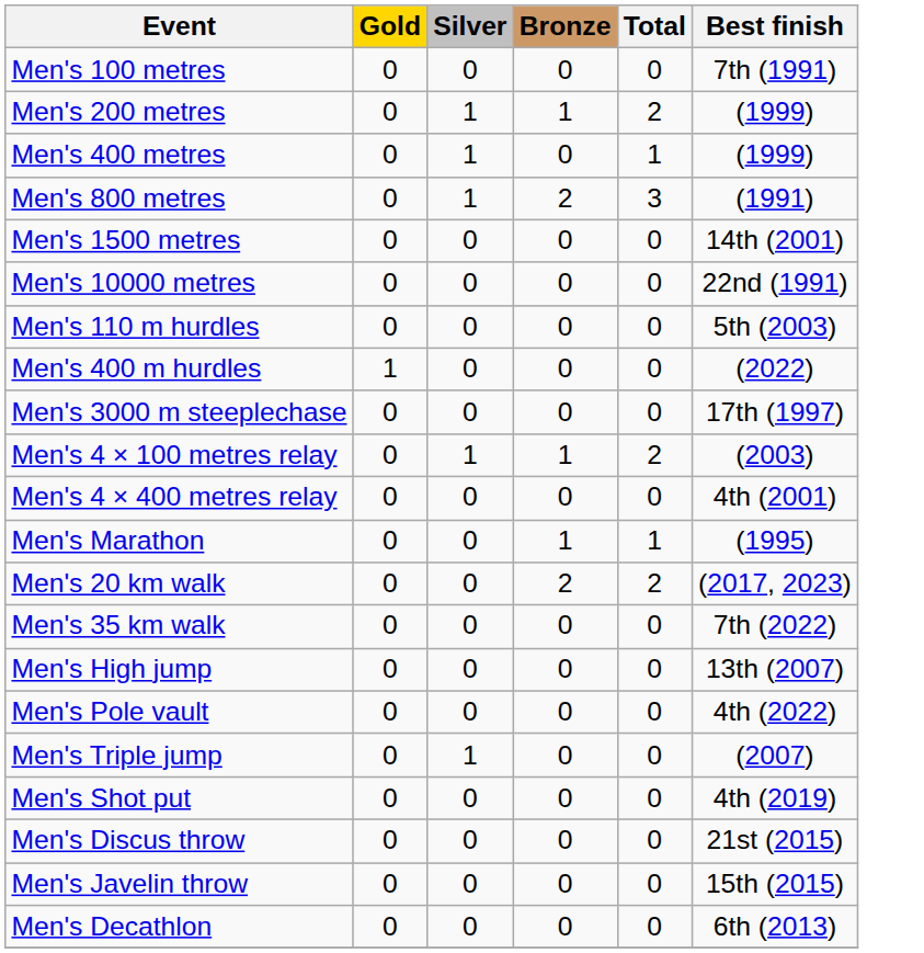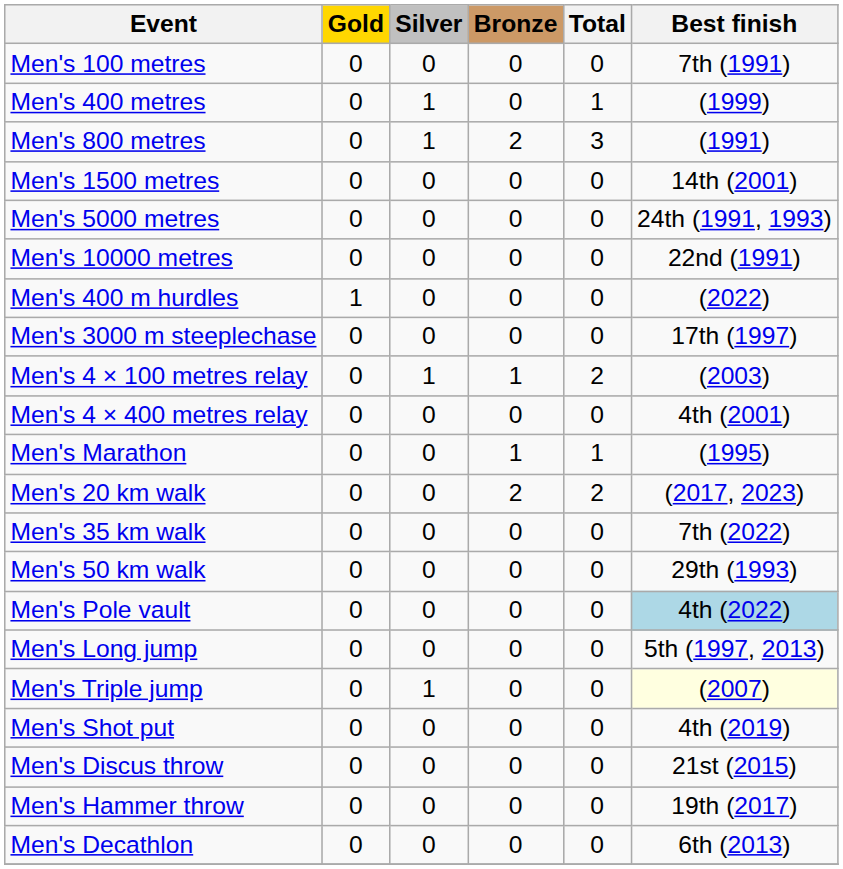 <table class="wikitable sortable" style="text-align:center">
 <tr>
 <th>Event</th>
 <th style="background-color:gold;">Gold</th>
 <th style="background-color:silver;">Silver</th>
 <th style="background-color:#c96;">Bronze</th>
 <th>Total</th>
 <th>Best finish</th>
 </tr>
 <tr>
 <td align=left><a href='#'>Men's 100 metres</a></td>
 <td>0</td>
 <td>0</td>
 <td>0</td>
 <td>0</td>
 <td>7th (<a href='#'>1991</a>)</td>
-</tr>
-<tr>
-<td align=left><a href='#'>Men's 200 metres</a></td>
-<td>0</td>
-<td>1</td>
-<td>1</td>
-<td>2</td>
-<td> (<a href='#'>1999</a>)</td>
 </tr>
 <tr>
 <td align=left><a href='#'>Men's 400 metres</a></td>
 <td>0</td>
 <td>1</td>
 <td>0</td>
 <td>1</td>
 <td> (<a href='#'>1999</a>)</td>
 </tr>
 <tr>
 <td align=left><a href='#'>Men's 800 metres</a></td>
 <td>0</td>
 <td>1</td>
 <td>2</td>
 <td>3</td>
 <td> (<a href='#'>1991</a>)</td>
 </tr>
 <tr>
 <td align=left><a href='#'>Men's 1500 metres</a></td>
 <td>0</td>
 <td>0</td>
 <td>0</td>
 <td>0</td>
 <td>14th (<a href='#'>2001</a>)</td>
 </tr>
 <tr>
+<td align=left><a href='#'>Men's 5000 metres</a></td>
+<td>0</td>
+<td>0</td>
+<td>0</td>
+<td>0</td>
+<td>24th (<a href='#'>1991</a>, <a href='#'>1993</a>)</td>
+</tr>
+<tr>
 <td align=left><a href='#'>Men's 10000 metres</a></td>
 <td>0</td>
 <td>0</td>
 <td>0</td>
 <td>0</td>
 <td>22nd (<a href='#'>1991</a>)</td>
-</tr>
-<tr>
-<td align=left><a href='#'>Men's 110 m hurdles</a></td>
-<td>0</td>
-<td>0</td>
-<td>0</td>
-<td>0</td>
-<td>5th (<a href='#'>2003</a>)</td>
 </tr>
 <tr>
 <td align=left><a href='#'>Men's 400 m hurdles</a></td>
 <td>1</td>
 <td>0</td>
 <td>0</td>
 <td>0</td>
 <td> (<a href='#'>2022</a>)</td>
 </tr>
 <tr>
 <td align=left><a href='#'>Men's 3000 m steeplechase</a></td>
 <td>0</td>
 <td>0</td>
 <td>0</td>
 <td>0</td>
 <td>17th (<a href='#'>1997</a>)</td>
 </tr>
 <tr>
 <td align=left><a href='#'>Men's 4 × 100 metres relay</a></td>
 <td>0</td>
 <td>1</td>
 <td>1</td>
 <td>2</td>
 <td> (<a href='#'>2003</a>)</td>
 </tr>
 <tr>
 <td align=left><a href='#'>Men's 4 × 400 metres relay</a></td>
 <td>0</td>
 <td>0</td>
 <td>0</td>
 <td>0</td>
 <td>4th (<a href='#'>2001</a>)</td>
 </tr>
 <tr>
 <td align=left><a href='#'>Men's Marathon</a></td>
 <td>0</td>
 <td>0</td>
 <td>1</td>
 <td>1</td>
 <td> (<a href='#'>1995</a>)</td>
 </tr>
 <tr>
 <td align=left><a href='#'>Men's 20 km walk</a></td>
 <td>0</td>
 <td>0</td>
 <td>2</td>
 <td>2</td>
 <td> (<a href='#'>2017</a>, <a href='#'>2023</a>)</td>
 </tr>
 <tr>
 <td align=left><a href='#'>Men's 35 km walk</a></td>
 <td>0</td>
 <td>0</td>
 <td>0</td>
 <td>0</td>
 <td>7th (<a href='#'>2022</a>)</td>
 </tr>
 <tr>
-<td align=left><a href='#'>Men's High jump</a></td>
+<td align=left><a href='#'>Men's 50 km walk</a></td>
 <td>0</td>
 <td>0</td>
 <td>0</td>
 <td>0</td>
-<td>13th (<a href='#'>2007</a>)</td>
+<td>29th (<a href='#'>1993</a>)</td>
 </tr>
 <tr>
 <td align=left><a href='#'>Men's Pole vault</a></td>
 <td>0</td>
 <td>0</td>
 <td>0</td>
 <td>0</td>
-<td>4th (<a href='#'>2022</a>)</td>
+<td style="background: lightblue;">4th (<a href='#'>2022</a>)</td>
+</tr>
+<tr>
+<td align=left><a href='#'>Men's Long jump</a></td>
+<td>0</td>
+<td>0</td>
+<td>0</td>
+<td>0</td>
+<td>5th (<a href='#'>1997</a>, <a href='#'>2013</a>)</td>
 </tr>
 <tr>
 <td align=left><a href='#'>Men's Triple jump</a></td>
 <td>0</td>
 <td>1</td>
 <td>0</td>
 <td>0</td>
-<td> (<a href='#'>2007</a>)</td>
+<td style="background: lightyellow;"> (<a href='#'>2007</a>)</td>
 </tr>
 <tr>
 <td align=left><a href='#'>Men's Shot put</a></td>
 <td>0</td>
 <td>0</td>
 <td>0</td>
 <td>0</td>
 <td>4th (<a href='#'>2019</a>)</td>
 </tr>
 <tr>
 <td align=left><a href='#'>Men's Discus throw</a></td>
 <td>0</td>
 <td>0</td>
 <td>0</td>
 <td>0</td>
 <td>21st (<a href='#'>2015</a>)</td>
 </tr>
 <tr>
-<td align=left><a href='#'>Men's Javelin throw</a></td>
+<td align=left><a href='#'>Men's Hammer throw</a></td>
 <td>0</td>
 <td>0</td>
 <td>0</td>
 <td>0</td>
-<td>15th (<a href='#'>2015</a>)</td>
+<td>19th (<a href='#'>2017</a>)</td>
 </tr>
 <tr>
 <td align=left><a href='#'>Men's Decathlon</a></td>
 <td>0</td>
 <td>0</td>
 <td>0</td>
 <td>0</td>
 <td>6th (<a href='#'>2013</a>)</td>
 </tr>
 <tr>
 </tr>
 </table>
